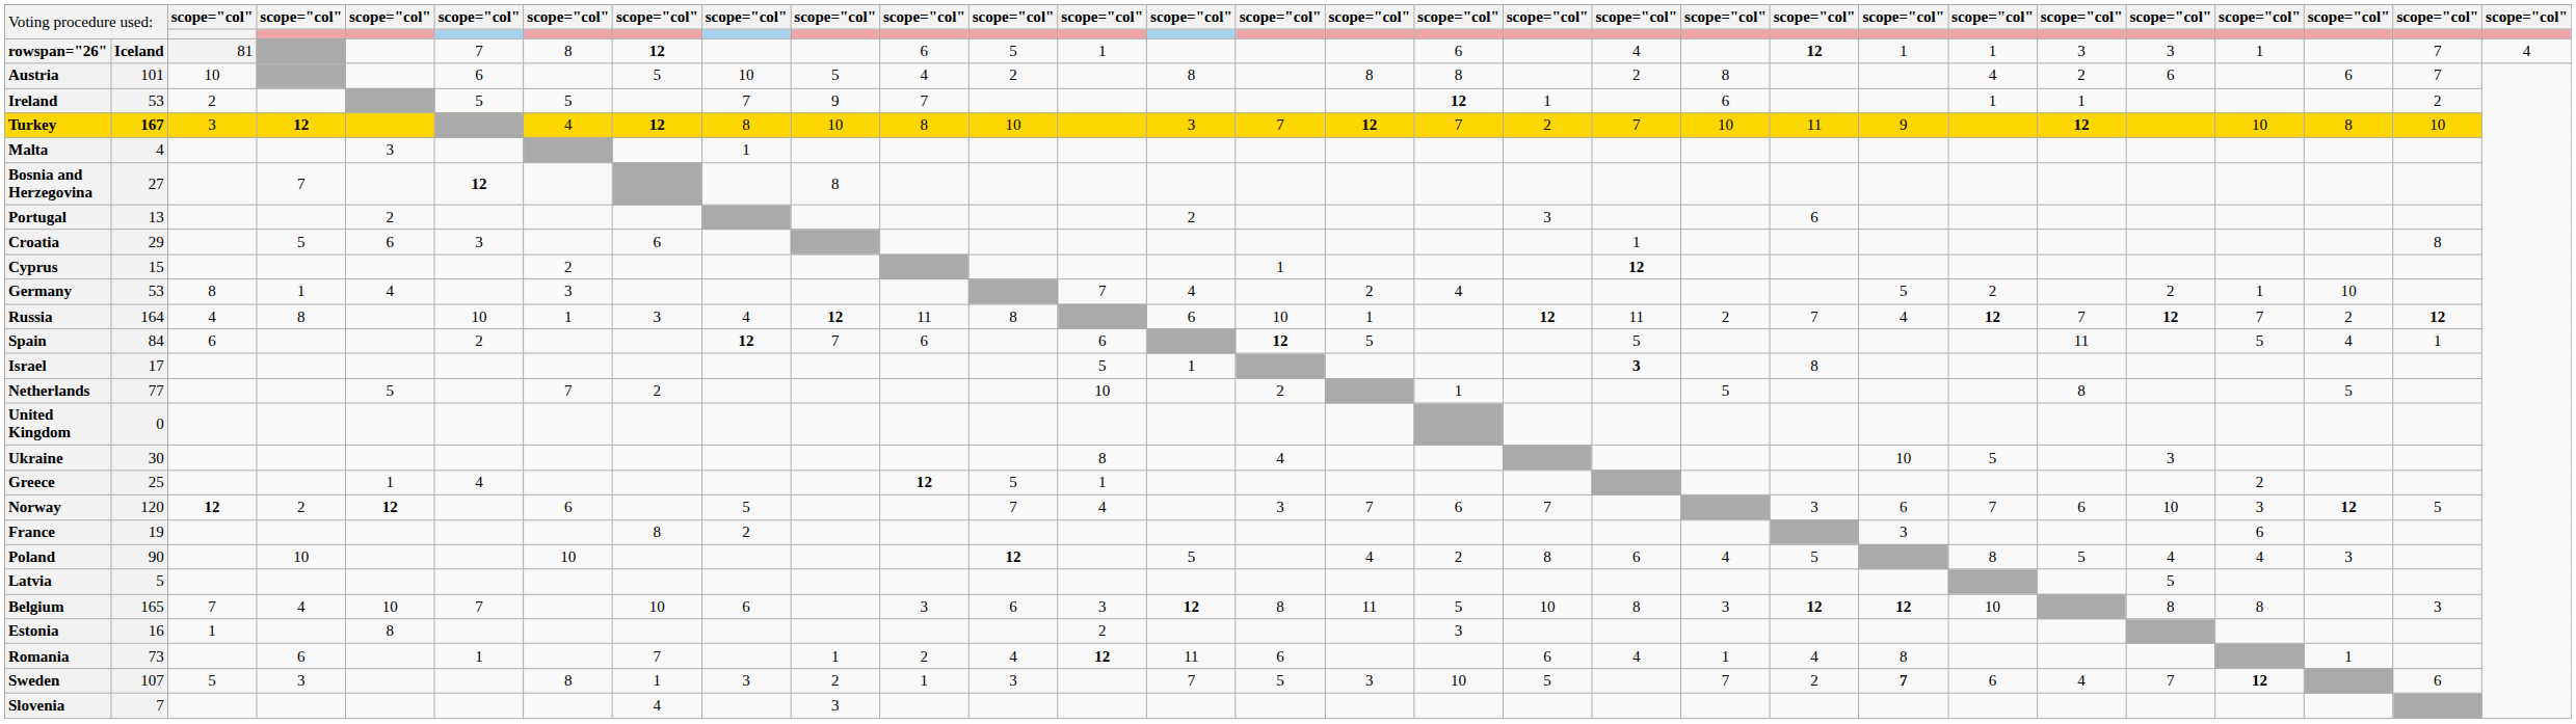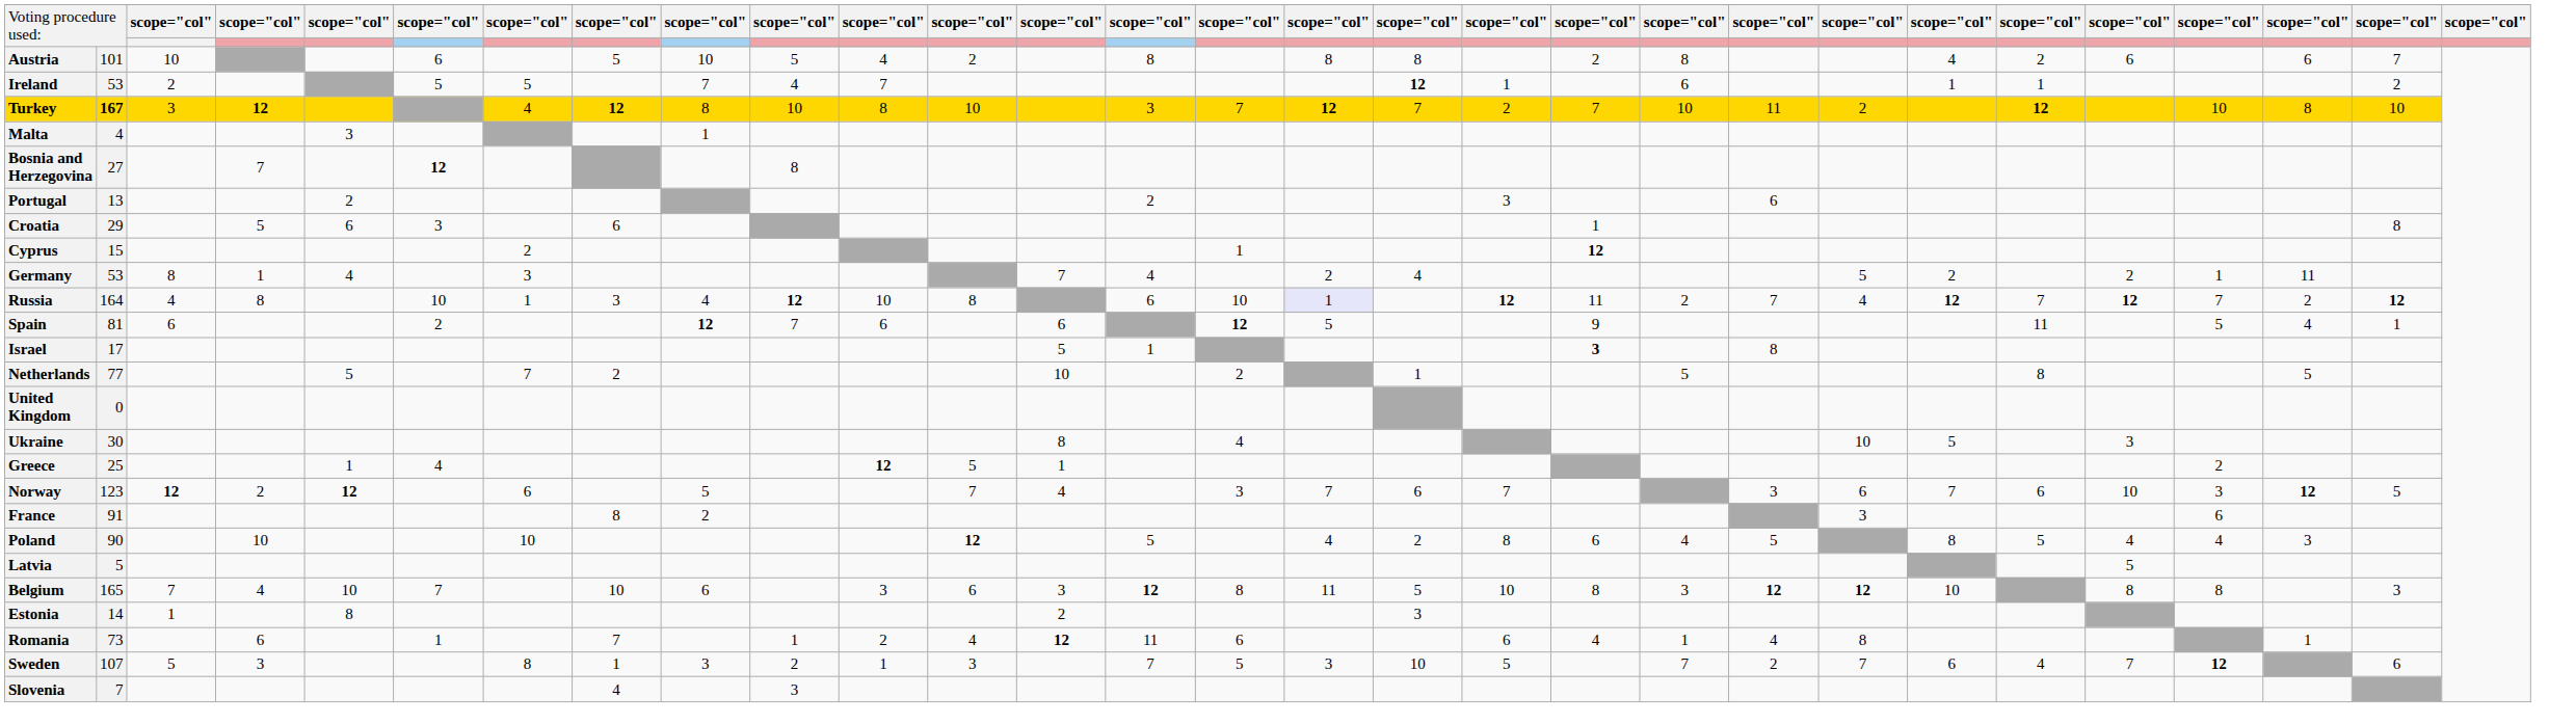 <table class="wikitable plainrowheaders" style="text-align:center;">
 <tr>
 </tr>
 <tr>
 <td colspan="2" rowspan="2" style="text-align:left; background:#F2F2F2">Voting procedure used:<br></td>
 <th>scope="col" </th>
 <th>scope="col" </th>
 <th>scope="col" </th>
 <th>scope="col" </th>
 <th>scope="col" </th>
 <th>scope="col" </th>
 <th>scope="col" </th>
 <th>scope="col" </th>
 <th>scope="col" </th>
 <th>scope="col" </th>
 <th>scope="col" </th>
 <th>scope="col" </th>
 <th>scope="col" </th>
 <th>scope="col" </th>
 <th>scope="col" </th>
 <th>scope="col" </th>
 <th>scope="col" </th>
 <th>scope="col" </th>
 <th>scope="col" </th>
 <th>scope="col" </th>
 <th>scope="col" </th>
 <th>scope="col" </th>
 <th>scope="col" </th>
 <th>scope="col" </th>
 <th>scope="col" </th>
 <th>scope="col" </th>
 <th>scope="col" </th>
 </tr>
 <tr>
 <th style="height:2px; border-top:1px solid transparent;"></th>
 <td style="background:#EFA4A9;"></td>
 <td style="background:#EFA4A9;"></td>
 <td style="background:#A4D1EF;"></td>
 <td style="background:#EFA4A9;"></td>
 <td style="background:#EFA4A9;"></td>
 <td style="background:#A4D1EF;"></td>
 <td style="background:#EFA4A9;"></td>
 <td style="background:#EFA4A9;"></td>
 <td style="background:#EFA4A9;"></td>
 <td style="background:#EFA4A9;"></td>
 <td style="background:#A4D1EF;"></td>
 <td style="background:#EFA4A9;"></td>
 <td style="background:#EFA4A9;"></td>
 <td style="background:#EFA4A9;"></td>
 <td style="background:#EFA4A9;"></td>
 <td style="background:#EFA4A9;"></td>
 <td style="background:#EFA4A9;"></td>
 <td style="background:#EFA4A9;"></td>
 <td style="background:#EFA4A9;"></td>
 <td style="background:#EFA4A9;"></td>
 <td style="background:#EFA4A9;"></td>
 <td style="background:#EFA4A9;"></td>
 <td style="background:#EFA4A9;"></td>
 <td style="background:#EFA4A9;"></td>
 <td style="background:#EFA4A9;"></td>
 <td style="background:#EFA4A9;"></td>
 </tr>
 <tr>
-<th>rowspan="26" </th>
-<th scope="row" style="text-align:left; background:#f2f2f2;">Iceland</th>
-<td style="text-align:right; background:#f2f2f2;">81</td>
-<td style="text-align:left; background:#aaaaaa;"></td>
-<td></td>
-<td>7</td>
-<td>8</td>
-<td><strong>12</strong></td>
-<td></td>
-<td></td>
-<td>6</td>
-<td>5</td>
-<td>1</td>
-<td></td>
-<td></td>
-<td></td>
-<td>6</td>
-<td></td>
-<td>4</td>
-<td></td>
-<td><strong>12</strong></td>
-<td>1</td>
-<td>1</td>
-<td>3</td>
-<td>3</td>
-<td>1</td>
-<td></td>
-<td>7</td>
-<td>4</td>
-</tr>
-<tr>
 <th scope="row" style="text-align:left; background:#f2f2f2;">Austria</th>
 <td style="text-align:right; background:#f2f2f2;">101</td>
 <td>10</td>
 <td style="text-align:left; background:#aaaaaa;"></td>
 <td></td>
 <td>6</td>
 <td></td>
 <td>5</td>
 <td>10</td>
 <td>5</td>
 <td>4</td>
 <td>2</td>
 <td></td>
 <td>8</td>
 <td></td>
 <td>8</td>
 <td>8</td>
 <td></td>
 <td>2</td>
 <td>8</td>
 <td></td>
 <td></td>
 <td>4</td>
 <td>2</td>
 <td>6</td>
 <td></td>
 <td>6</td>
 <td>7</td>
 </tr>
 <tr>
 <th scope="row" style="text-align:left; background:#f2f2f2;">Ireland</th>
 <td style="text-align:right; background:#f2f2f2;">53</td>
 <td>2</td>
 <td></td>
 <td style="text-align:left; background:#aaaaaa;"></td>
 <td>5</td>
 <td>5</td>
 <td></td>
 <td>7</td>
-<td>9</td>
+<td>4</td>
 <td>7</td>
 <td></td>
 <td></td>
 <td></td>
 <td></td>
 <td></td>
 <td><strong>12</strong></td>
 <td>1</td>
 <td></td>
 <td>6</td>
 <td></td>
 <td></td>
 <td>1</td>
 <td>1</td>
 <td></td>
 <td></td>
 <td></td>
 <td>2</td>
 </tr>
 <tr style="background:gold;">
 <th scope="row" style="text-align:left; font-weight:bold; background:gold;">Turkey</th>
 <td style="text-align:right; font-weight:bold;">167</td>
 <td>3</td>
 <td><strong>12</strong></td>
 <td></td>
 <td style="text-align:left; background:#aaaaaa;"></td>
 <td>4</td>
 <td><strong>12</strong></td>
 <td>8</td>
 <td>10</td>
 <td>8</td>
 <td>10</td>
 <td></td>
 <td>3</td>
 <td>7</td>
 <td><strong>12</strong></td>
 <td>7</td>
 <td>2</td>
 <td>7</td>
 <td>10</td>
 <td>11</td>
-<td>9</td>
+<td>2</td>
 <td></td>
 <td><strong>12</strong></td>
 <td></td>
 <td>10</td>
 <td>8</td>
 <td>10</td>
 </tr>
 <tr>
 <th scope="row" style="text-align:left; background:#f2f2f2;">Malta</th>
 <td style="text-align:right; background:#f2f2f2;">4</td>
 <td></td>
 <td></td>
 <td>3</td>
 <td></td>
 <td style="text-align:left; background:#aaaaaa;"></td>
 <td></td>
 <td>1</td>
 <td></td>
 <td></td>
 <td></td>
 <td></td>
 <td></td>
 <td></td>
 <td></td>
 <td></td>
 <td></td>
 <td></td>
 <td></td>
 <td></td>
 <td></td>
 <td></td>
 <td></td>
 <td></td>
 <td></td>
 <td></td>
 <td></td>
 </tr>
 <tr>
 <th scope="row" style="text-align:left; background:#f2f2f2;">Bosnia and Herzegovina</th>
 <td style="text-align:right; background:#f2f2f2;">27</td>
 <td></td>
 <td>7</td>
 <td></td>
 <td><strong>12</strong></td>
 <td></td>
 <td style="text-align:left; background:#aaaaaa;"></td>
 <td></td>
 <td>8</td>
 <td></td>
 <td></td>
 <td></td>
 <td></td>
 <td></td>
 <td></td>
 <td></td>
 <td></td>
 <td></td>
 <td></td>
 <td></td>
 <td></td>
 <td></td>
 <td></td>
 <td></td>
 <td></td>
 <td></td>
 <td></td>
 </tr>
 <tr>
 <th scope="row" style="text-align:left; background:#f2f2f2;">Portugal</th>
 <td style="text-align:right; background:#f2f2f2;">13</td>
 <td></td>
 <td></td>
 <td>2</td>
 <td></td>
 <td></td>
 <td></td>
 <td style="text-align:left; background:#aaaaaa;"></td>
 <td></td>
 <td></td>
 <td></td>
 <td></td>
 <td>2</td>
 <td></td>
 <td></td>
 <td></td>
 <td>3</td>
 <td></td>
 <td></td>
 <td>6</td>
 <td></td>
 <td></td>
 <td></td>
 <td></td>
 <td></td>
 <td></td>
 <td></td>
 </tr>
 <tr>
 <th scope="row" style="text-align:left; background:#f2f2f2;">Croatia</th>
 <td style="text-align:right; background:#f2f2f2;">29</td>
 <td></td>
 <td>5</td>
 <td>6</td>
 <td>3</td>
 <td></td>
 <td>6</td>
 <td></td>
 <td style="text-align:left; background:#aaaaaa;"></td>
 <td></td>
 <td></td>
 <td></td>
 <td></td>
 <td></td>
 <td></td>
 <td></td>
 <td></td>
 <td>1</td>
 <td></td>
 <td></td>
 <td></td>
 <td></td>
 <td></td>
 <td></td>
 <td></td>
 <td></td>
 <td>8</td>
 </tr>
 <tr>
 <th scope="row" style="text-align:left; background:#f2f2f2;">Cyprus</th>
 <td style="text-align:right; background:#f2f2f2;">15</td>
 <td></td>
 <td></td>
 <td></td>
 <td></td>
 <td>2</td>
 <td></td>
 <td></td>
 <td></td>
 <td style="text-align:left; background:#aaaaaa;"></td>
 <td></td>
 <td></td>
 <td></td>
 <td>1</td>
 <td></td>
 <td></td>
 <td></td>
 <td><strong>12</strong></td>
 <td></td>
 <td></td>
 <td></td>
 <td></td>
 <td></td>
 <td></td>
 <td></td>
 <td></td>
 <td></td>
 </tr>
 <tr>
 <th scope="row" style="text-align:left; background:#f2f2f2;">Germany</th>
 <td style="text-align:right; background:#f2f2f2;">53</td>
 <td>8</td>
 <td>1</td>
 <td>4</td>
 <td></td>
 <td>3</td>
 <td></td>
 <td></td>
 <td></td>
 <td></td>
 <td style="text-align:left; background:#aaaaaa;"></td>
 <td>7</td>
 <td>4</td>
 <td></td>
 <td>2</td>
 <td>4</td>
 <td></td>
 <td></td>
 <td></td>
 <td></td>
 <td>5</td>
 <td>2</td>
 <td></td>
 <td>2</td>
 <td>1</td>
-<td>10</td>
+<td>11</td>
 <td></td>
 </tr>
 <tr>
 <th scope="row" style="text-align:left; background:#f2f2f2;">Russia</th>
 <td style="text-align:right; background:#f2f2f2;">164</td>
 <td>4</td>
 <td>8</td>
 <td></td>
 <td>10</td>
 <td>1</td>
 <td>3</td>
 <td>4</td>
 <td><strong>12</strong></td>
-<td>11</td>
+<td>10</td>
 <td>8</td>
 <td style="text-align:left; background:#aaaaaa;"></td>
 <td>6</td>
 <td>10</td>
-<td>1</td>
+<td style="background: lavender;">1</td>
 <td></td>
 <td><strong>12</strong></td>
 <td>11</td>
 <td>2</td>
 <td>7</td>
 <td>4</td>
 <td><strong>12</strong></td>
 <td>7</td>
 <td><strong>12</strong></td>
 <td>7</td>
 <td>2</td>
 <td><strong>12</strong></td>
 </tr>
 <tr>
 <th scope="row" style="text-align:left; background:#f2f2f2;">Spain</th>
-<td style="text-align:right; background:#f2f2f2;">84</td>
+<td style="text-align:right; background:#f2f2f2;">81</td>
 <td>6</td>
 <td></td>
 <td></td>
 <td>2</td>
 <td></td>
 <td></td>
 <td><strong>12</strong></td>
 <td>7</td>
 <td>6</td>
 <td></td>
 <td>6</td>
 <td style="text-align:left; background:#aaaaaa;"></td>
 <td><strong>12</strong></td>
 <td>5</td>
 <td></td>
 <td></td>
-<td>5</td>
+<td>9</td>
 <td></td>
 <td></td>
 <td></td>
 <td></td>
 <td>11</td>
 <td></td>
 <td>5</td>
 <td>4</td>
 <td>1</td>
 </tr>
 <tr>
 <th scope="row" style="text-align:left; background:#f2f2f2;">Israel</th>
 <td style="text-align:right; background:#f2f2f2;">17</td>
 <td></td>
 <td></td>
 <td></td>
 <td></td>
 <td></td>
 <td></td>
 <td></td>
 <td></td>
 <td></td>
 <td></td>
 <td>5</td>
 <td>1</td>
 <td style="text-align:left; background:#aaaaaa;"></td>
 <td></td>
 <td></td>
 <td></td>
 <td><strong>3</strong></td>
 <td></td>
 <td>8</td>
 <td></td>
 <td></td>
 <td></td>
 <td></td>
 <td></td>
 <td></td>
 <td></td>
 </tr>
 <tr>
 <th scope="row" style="text-align:left; background:#f2f2f2;">Netherlands</th>
 <td style="text-align:right; background:#f2f2f2;">77</td>
 <td></td>
 <td></td>
 <td>5</td>
 <td></td>
 <td>7</td>
 <td>2</td>
 <td></td>
 <td></td>
 <td></td>
 <td></td>
 <td>10</td>
 <td></td>
 <td>2</td>
 <td style="text-align:left; background:#aaaaaa;"></td>
 <td>1</td>
 <td></td>
 <td></td>
 <td>5</td>
 <td></td>
 <td></td>
 <td></td>
 <td>8</td>
 <td></td>
 <td></td>
 <td>5</td>
 <td></td>
 </tr>
 <tr>
 <th scope="row" style="text-align:left; background:#f2f2f2;">United Kingdom</th>
 <td style="text-align:right; background:#f2f2f2;">0</td>
 <td></td>
 <td></td>
 <td></td>
 <td></td>
 <td></td>
 <td></td>
 <td></td>
 <td></td>
 <td></td>
 <td></td>
 <td></td>
 <td></td>
 <td></td>
 <td></td>
 <td style="text-align:left; background:#aaaaaa;"></td>
 <td></td>
 <td></td>
 <td></td>
 <td></td>
 <td></td>
 <td></td>
 <td></td>
 <td></td>
 <td></td>
 <td></td>
 <td></td>
 </tr>
 <tr>
 <th scope="row" style="text-align:left; background:#f2f2f2;">Ukraine</th>
 <td style="text-align:right; background:#f2f2f2;">30</td>
 <td></td>
 <td></td>
 <td></td>
 <td></td>
 <td></td>
 <td></td>
 <td></td>
 <td></td>
 <td></td>
 <td></td>
 <td>8</td>
 <td></td>
 <td>4</td>
 <td></td>
 <td></td>
 <td style="text-align:left; background:#aaaaaa;"></td>
 <td></td>
 <td></td>
 <td></td>
 <td>10</td>
 <td>5</td>
 <td></td>
 <td>3</td>
 <td></td>
 <td></td>
 <td></td>
 </tr>
 <tr>
 <th scope="row" style="text-align:left; background:#f2f2f2;">Greece</th>
 <td style="text-align:right; background:#f2f2f2;">25</td>
 <td></td>
 <td></td>
 <td>1</td>
 <td>4</td>
 <td></td>
 <td></td>
 <td></td>
 <td></td>
 <td><strong>12</strong></td>
 <td>5</td>
 <td>1</td>
 <td></td>
 <td></td>
 <td></td>
 <td></td>
 <td></td>
 <td style="text-align:left; background:#aaaaaa;"></td>
 <td></td>
 <td></td>
 <td></td>
 <td></td>
 <td></td>
 <td></td>
 <td>2</td>
 <td></td>
 <td></td>
 </tr>
 <tr>
 <th scope="row" style="text-align:left; background:#f2f2f2;">Norway</th>
-<td style="text-align:right; background:#f2f2f2;">120</td>
+<td style="text-align:right; background:#f2f2f2;">123</td>
 <td><strong>12</strong></td>
 <td>2</td>
 <td><strong>12</strong></td>
 <td></td>
 <td>6</td>
 <td></td>
 <td>5</td>
 <td></td>
 <td></td>
 <td>7</td>
 <td>4</td>
 <td></td>
 <td>3</td>
 <td>7</td>
 <td>6</td>
 <td>7</td>
 <td></td>
 <td style="text-align:left; background:#aaaaaa;"></td>
 <td>3</td>
 <td>6</td>
 <td>7</td>
 <td>6</td>
 <td>10</td>
 <td>3</td>
 <td><strong>12</strong></td>
 <td>5</td>
 </tr>
 <tr>
 <th scope="row" style="text-align:left; background:#f2f2f2;">France</th>
-<td style="text-align:right; background:#f2f2f2;">19</td>
+<td style="text-align:right; background:#f2f2f2;">91</td>
 <td></td>
 <td></td>
 <td></td>
 <td></td>
 <td></td>
 <td>8</td>
 <td>2</td>
 <td></td>
 <td></td>
 <td></td>
 <td></td>
 <td></td>
 <td></td>
 <td></td>
 <td></td>
 <td></td>
 <td></td>
 <td></td>
 <td style="text-align:left; background:#aaaaaa;"></td>
 <td>3</td>
 <td></td>
 <td></td>
 <td></td>
 <td>6</td>
 <td></td>
 <td></td>
 </tr>
 <tr>
 <th scope="row" style="text-align:left; background:#f2f2f2;">Poland</th>
 <td style="text-align:right; background:#f2f2f2;">90</td>
 <td></td>
 <td>10</td>
 <td></td>
 <td></td>
 <td>10</td>
 <td></td>
 <td></td>
 <td></td>
 <td></td>
 <td><strong>12</strong></td>
 <td></td>
 <td>5</td>
 <td></td>
 <td>4</td>
 <td>2</td>
 <td>8</td>
 <td>6</td>
 <td>4</td>
 <td>5</td>
 <td style="text-align:left; background:#aaaaaa;"></td>
 <td>8</td>
 <td>5</td>
 <td>4</td>
 <td>4</td>
 <td>3</td>
 <td></td>
 </tr>
 <tr>
 <th scope="row" style="text-align:left; background:#f2f2f2;">Latvia</th>
 <td style="text-align:right; background:#f2f2f2;">5</td>
 <td></td>
 <td></td>
 <td></td>
 <td></td>
 <td></td>
 <td></td>
 <td></td>
 <td></td>
 <td></td>
 <td></td>
 <td></td>
 <td></td>
 <td></td>
 <td></td>
 <td></td>
 <td></td>
 <td></td>
 <td></td>
 <td></td>
 <td></td>
 <td style="text-align:left; background:#aaaaaa;"></td>
 <td></td>
 <td>5</td>
 <td></td>
 <td></td>
 <td></td>
 </tr>
 <tr>
 <th scope="row" style="text-align:left; background:#f2f2f2;">Belgium</th>
 <td style="text-align:right; background:#f2f2f2;">165</td>
 <td>7</td>
 <td>4</td>
 <td>10</td>
 <td>7</td>
 <td></td>
 <td>10</td>
 <td>6</td>
 <td></td>
 <td>3</td>
 <td>6</td>
 <td>3</td>
 <td><strong>12</strong></td>
 <td>8</td>
 <td>11</td>
 <td>5</td>
 <td>10</td>
 <td>8</td>
 <td>3</td>
 <td><strong>12</strong></td>
 <td><strong>12</strong></td>
 <td>10</td>
 <td style="text-align:left; background:#aaaaaa;"></td>
 <td>8</td>
 <td>8</td>
 <td></td>
 <td>3</td>
 </tr>
 <tr>
 <th scope="row" style="text-align:left; background:#f2f2f2;">Estonia</th>
-<td style="text-align:right; background:#f2f2f2;">16</td>
+<td style="text-align:right; background:#f2f2f2;">14</td>
 <td>1</td>
 <td></td>
 <td>8</td>
 <td></td>
 <td></td>
 <td></td>
 <td></td>
 <td></td>
 <td></td>
 <td></td>
 <td>2</td>
 <td></td>
 <td></td>
 <td></td>
 <td>3</td>
 <td></td>
 <td></td>
 <td></td>
 <td></td>
 <td></td>
 <td></td>
 <td></td>
 <td style="text-align:left; background:#aaaaaa;"></td>
 <td></td>
 <td></td>
 <td></td>
 </tr>
 <tr>
 <th scope="row" style="text-align:left; background:#f2f2f2;">Romania</th>
 <td style="text-align:right; background:#f2f2f2;">73</td>
 <td></td>
 <td>6</td>
 <td></td>
 <td>1</td>
 <td></td>
 <td>7</td>
 <td></td>
 <td>1</td>
 <td>2</td>
 <td>4</td>
 <td><strong>12</strong></td>
 <td>11</td>
 <td>6</td>
 <td></td>
 <td></td>
 <td>6</td>
 <td>4</td>
 <td>1</td>
 <td>4</td>
 <td>8</td>
 <td></td>
 <td></td>
 <td></td>
 <td style="text-align:left; background:#aaaaaa;"></td>
 <td>1</td>
 <td></td>
 </tr>
 <tr>
 <th scope="row" style="text-align:left; background:#f2f2f2;">Sweden</th>
 <td style="text-align:right; background:#f2f2f2;">107</td>
 <td>5</td>
 <td>3</td>
 <td></td>
 <td></td>
 <td>8</td>
 <td>1</td>
 <td>3</td>
 <td>2</td>
 <td>1</td>
 <td>3</td>
 <td></td>
 <td>7</td>
 <td>5</td>
 <td>3</td>
 <td>10</td>
 <td>5</td>
 <td></td>
 <td>7</td>
 <td>2</td>
-<td><strong>7</strong></td>
+<td>7</td>
 <td>6</td>
 <td>4</td>
 <td>7</td>
 <td><strong>12</strong></td>
 <td style="text-align:left; background:#aaaaaa;"></td>
 <td>6</td>
 </tr>
 <tr>
 <th scope="row" style="text-align:left; background:#f2f2f2;">Slovenia</th>
 <td style="text-align:right; background:#f2f2f2;">7</td>
 <td></td>
 <td></td>
 <td></td>
 <td></td>
 <td></td>
 <td>4</td>
 <td></td>
 <td>3</td>
 <td></td>
 <td></td>
 <td></td>
 <td></td>
 <td></td>
 <td></td>
 <td></td>
 <td></td>
 <td></td>
 <td></td>
 <td></td>
 <td></td>
 <td></td>
 <td></td>
 <td></td>
 <td></td>
 <td></td>
 <td style="text-align:left; background:#aaaaaa;"></td>
 </tr>
 </table>
